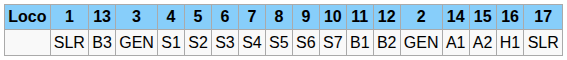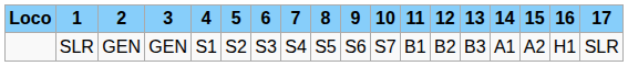 <table class="wikitable plainrowheaders unsortable" style="text-align:center">
 <tr>
 <th scope="col" rowspan="1" style="background:lightskyblue;">Loco</th>
 <th scope="col" rowspan="1" style="background:lightskyblue;">1</th>
-<th scope="col" rowspan="1" style="background:lightskyblue;">13</th>
+<th scope="col" rowspan="1" style="background:lightskyblue;">2</th>
 <th scope="col" rowspan="1" style="background:lightskyblue;">3</th>
 <th scope="col" rowspan="1" style="background:lightskyblue;">4</th>
 <th scope="col" rowspan="1" style="background:lightskyblue;">5</th>
 <th scope="col" rowspan="1" style="background:lightskyblue;">6</th>
 <th scope="col" rowspan="1" style="background:lightskyblue;">7</th>
 <th scope="col" rowspan="1" style="background:lightskyblue;">8</th>
 <th scope="col" rowspan="1" style="background:lightskyblue;">9</th>
 <th scope="col" rowspan="1" style="background:lightskyblue;">10</th>
 <th scope="col" rowspan="1" style="background:lightskyblue;">11</th>
 <th scope="col" rowspan="1" style="background:lightskyblue;">12</th>
-<th scope="col" rowspan="1" style="background:lightskyblue;">2</th>
+<th scope="col" rowspan="1" style="background:lightskyblue;">13</th>
 <th scope="col" rowspan="1" style="background:lightskyblue;">14</th>
 <th scope="col" rowspan="1" style="background:lightskyblue;">15</th>
 <th scope="col" rowspan="1" style="background:lightskyblue;">16</th>
 <th rowspan="1" scope="col" style="background:lightskyblue;">17</th>
 </tr>
 <tr>
 <td></td>
 <td>SLR</td>
-<td>B3</td>
+<td>GEN</td>
 <td>GEN</td>
 <td>S1</td>
 <td>S2</td>
 <td>S3</td>
 <td>S4</td>
 <td>S5</td>
 <td>S6</td>
 <td>S7</td>
 <td>B1</td>
 <td>B2</td>
-<td>GEN</td>
+<td>B3</td>
 <td>A1</td>
 <td>A2</td>
 <td>H1</td>
 <td>SLR</td>
 </tr>
 </table>
